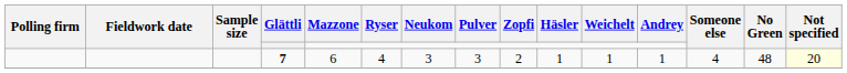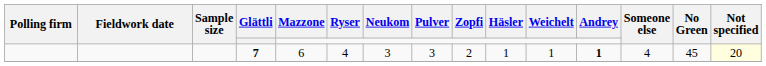 <table class="wikitable" style="text-align:center;font-size:90%;line-height:14px;">
 <tr style="height:40px;">
 <th style="width:80px;" rowspan="2">Polling firm</th>
 <th style="width:130px;" rowspan="2">Fieldwork date</th>
 <th style="width:35px;" rowspan="2">Sample<br>size</th>
 <th><a href='#'>Glättli</a></th>
 <th><a href='#'>Mazzone</a></th>
 <th><a href='#'>Ryser</a></th>
 <th><a href='#'>Neukom</a></th>
 <th><a href='#'>Pulver</a></th>
 <th><a href='#'>Zopfi</a></th>
 <th><a href='#'>Häsler</a></th>
 <th><a href='#'>Weichelt</a></th>
 <th><a href='#'>Andrey</a></th>
 <th rowspan=2>Someone<br>else</th>
 <th rowspan=2>No<br>Green</th>
 <th rowspan=2>Not<br>specified</th>
 </tr>
 <tr>
 <th style="background:"></th>
 </tr>
 <tr>
 <td></td>
 <td></td>
 <td></td>
 <td style="background:#"><strong>7</strong></td>
 <td>6</td>
 <td>4</td>
 <td>3</td>
 <td>3</td>
 <td>2</td>
 <td>1</td>
 <td>1</td>
-<td>1</td>
+<td><strong>1</strong></td>
 <td>4</td>
-<td>48</td>
+<td>45</td>
 <td style="background: lightyellow;">20</td>
 </tr>
 <tr>
 </tr>
 </table>
